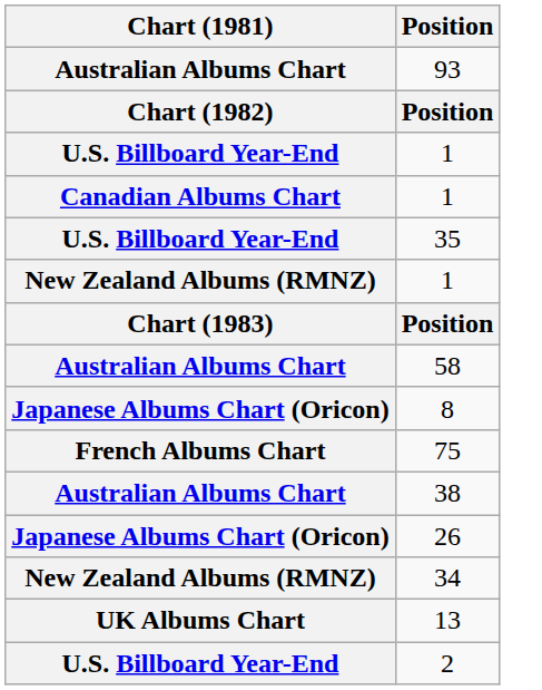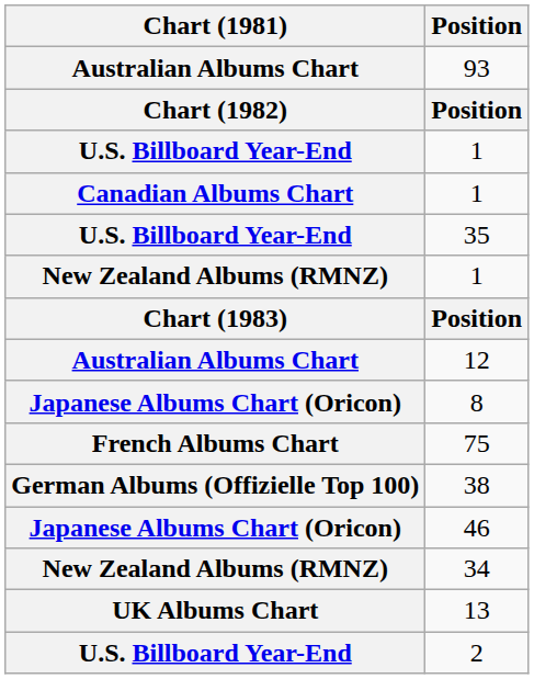 <table class="wikitable plainrowheaders" style="text-align:left;">
 <tr>
 <th scope="col">Chart (1981)</th>
 <th scope="col">Position</th>
 </tr>
 <tr>
 <th scope="row">Australian Albums Chart</th>
 <td align="center">93</td>
 </tr>
 <tr>
 <th scope="col">Chart (1982)</th>
 <th scope="col">Position</th>
 </tr>
 <tr>
 <th scope="row">U.S. <a href='#'>Billboard Year-End</a></th>
 <td align="center">1</td>
 </tr>
 <tr>
 <th scope="row"><a href='#'>Canadian Albums Chart</a></th>
 <td align="center">1</td>
 </tr>
 <tr>
 <th scope="row">U.S. <a href='#'>Billboard Year-End</a></th>
 <td align="center">35</td>
 </tr>
 <tr>
 <th scope="row">New Zealand Albums (RMNZ)</th>
 <td align="center">1</td>
 </tr>
 <tr>
 <th scope="col">Chart (1983)</th>
 <th scope="col">Position</th>
 </tr>
 <tr>
 <th scope="row"><a href='#'>Australian Albums Chart</a></th>
-<td align="center">58</td>
+<td align="center">12</td>
 </tr>
 <tr>
 <th scope="row"><a href='#'>Japanese Albums Chart</a> (Oricon)</th>
 <td align="center">8</td>
 </tr>
 <tr>
 <th scope="row">French Albums Chart</th>
 <td align="center">75</td>
 </tr>
 <tr>
-<th scope="row"><a href='#'>Australian Albums Chart</a></th>
+<th scope="row">German Albums (Offizielle Top 100)</th>
 <td align="center">38</td>
 </tr>
 <tr>
 <th scope="row"><a href='#'>Japanese Albums Chart</a> (Oricon)</th>
-<td align="center">26</td>
+<td align="center">46</td>
 </tr>
 <tr>
 <th scope="row">New Zealand Albums (RMNZ)</th>
 <td align="center">34</td>
 </tr>
 <tr>
 <th scope="row">UK Albums Chart</th>
 <td align="center">13</td>
 </tr>
 <tr>
 <th scope="row">U.S. <a href='#'>Billboard Year-End</a></th>
 <td align="center">2</td>
 </tr>
 </table>
